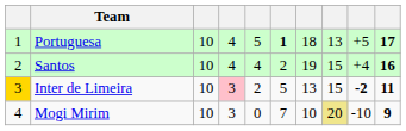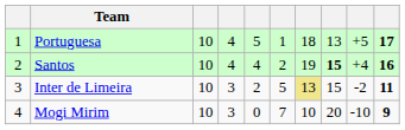 <table class="wikitable" style="text-align: center;">
 <tr>
 <th width=20></th>
 <th width=165>Team</th>
 <th width=20></th>
 <th width=20></th>
 <th width=20></th>
 <th width=20></th>
 <th width=20></th>
 <th width=20></th>
 <th width=20></th>
 <th width=20></th>
 </tr>
 <tr bgcolor="#ccffcc">
 <td>1</td>
 <td align=left><a href='#'>Portuguesa</a></td>
 <td>10</td>
 <td>4</td>
 <td>5</td>
-<td><strong>1</strong></td>
+<td>1</td>
 <td>18</td>
 <td>13</td>
 <td>+5</td>
 <td><strong>17</strong></td>
 </tr>
 <tr bgcolor="#ccffcc">
 <td>2</td>
 <td align=left><a href='#'>Santos</a></td>
 <td>10</td>
 <td>4</td>
 <td>4</td>
 <td>2</td>
 <td>19</td>
-<td>15</td>
+<td><strong>15</strong></td>
 <td>+4</td>
 <td><strong>16</strong></td>
 </tr>
 <tr>
-<td style="background: gold;">3</td>
+<td>3</td>
 <td align=left><a href='#'>Inter de Limeira</a></td>
 <td>10</td>
-<td style="background: pink;">3</td>
+<td>3</td>
 <td>2</td>
 <td>5</td>
-<td>13</td>
+<td style="background: khaki;">13</td>
 <td>15</td>
-<td><strong>-2</strong></td>
+<td>-2</td>
 <td><strong>11</strong></td>
 </tr>
 <tr>
 <td>4</td>
 <td align=left><a href='#'>Mogi Mirim</a></td>
 <td>10</td>
 <td>3</td>
 <td>0</td>
 <td>7</td>
 <td>10</td>
-<td style="background: khaki;">20</td>
+<td>20</td>
 <td>-10</td>
 <td><strong>9</strong></td>
 </tr>
 </table>
